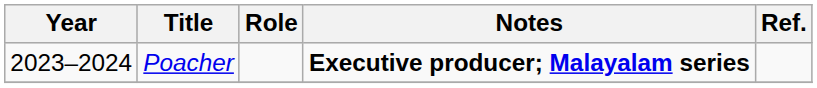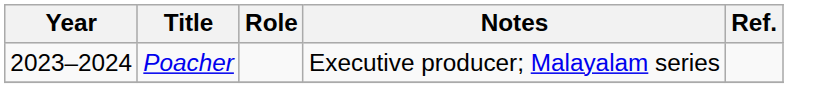 <table class="wikitable unsortable plainrowheaders">
 <tr style="text-align:center;">
 <th scope="col">Year</th>
 <th scope="col">Title</th>
 <th scope="col">Role</th>
 <th class="unsortable" scope="col">Notes</th>
 <th class="unsortable" scope="col">Ref.</th>
 </tr>
 <tr>
 <td>2023–2024</td>
 <td><em><a href='#'>Poacher</a></em></td>
 <td></td>
-<td><strong>Executive producer; <a href='#'>Malayalam</a> series</strong></td>
+<td>Executive producer; <a href='#'>Malayalam</a> series</td>
 <td></td>
 </tr>
 <tr>
 </tr>
 </table>
